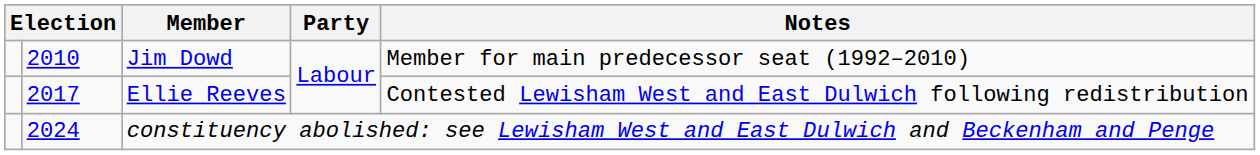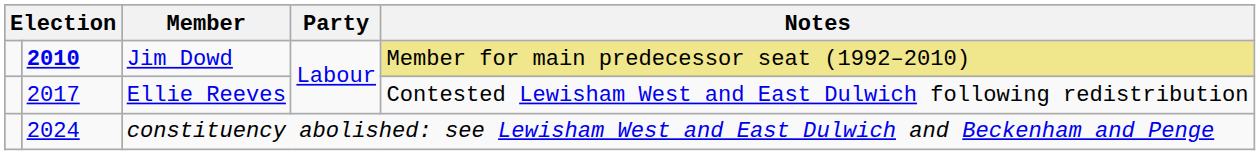 <table class="wikitable">
 <tr>
 <th colspan="2">Election</th>
 <th>Member</th>
 <th>Party</th>
 <th>Notes</th>
 </tr>
 <tr>
 <td style="color:inherit;background-color: "></td>
-<td><a href='#'>2010</a></td>
+<td><strong><a href='#'>2010</a></strong></td>
 <td><a href='#'>Jim Dowd</a></td>
 <td rowspan=2><a href='#'>Labour</a></td>
-<td>Member for main predecessor seat (1992–2010)</td>
+<td style="background: khaki;">Member for main predecessor seat (1992–2010)</td>
 </tr>
 <tr>
 <td style="color:inherit;background-color: "></td>
 <td><a href='#'>2017</a></td>
 <td><a href='#'>Ellie Reeves</a></td>
 <td>Contested <a href='#'>Lewisham West and East Dulwich</a> following redistribution</td>
 </tr>
 <tr>
 <td></td>
 <td><a href='#'>2024</a></td>
 <td colspan="3"><em>constituency abolished: see <a href='#'>Lewisham West and East Dulwich</a> and <a href='#'>Beckenham and Penge</a></em></td>
 </tr>
 </table>
